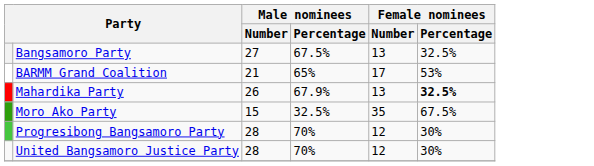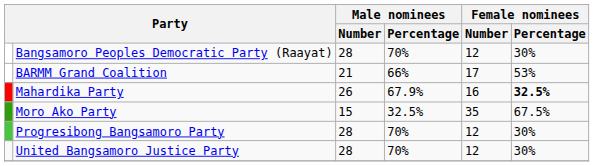 <table class="wikitable left sortable" border="1">
 <tr>
 <th rowspan=2 colspan="2">Party</th>
 <th colspan="2" class="unsortable">Male nominees</th>
 <th colspan="2" class="unsortable">Female nominees</th>
 </tr>
 <tr>
 <th>Number</th>
 <th>Percentage</th>
 <th>Number</th>
 <th>Percentage</th>
 </tr>
 <tr>
-<th style="background:"></th>
-<td><a href='#'>Bangsamoro Party</a></td>
-<td>27</td>
-<td>67.5%</td>
-<td>13</td>
-<td>32.5%</td>
+<th style="background:#FFFFFF;"></th>
+<td><a href='#'>Bangsamoro Peoples Democratic Party</a> (Raayat)</td>
+<td>28</td>
+<td>70%</td>
+<td>12</td>
+<td>30%</td>
 </tr>
 <tr>
 <td bgcolor="#FFFFFF"></td>
 <td><a href='#'>BARMM Grand Coalition</a></td>
 <td>21</td>
-<td>65%</td>
+<td>66%</td>
 <td>17</td>
 <td>53%</td>
 </tr>
 <tr>
 <th style="background:red;"></th>
 <td><a href='#'>Mahardika Party</a></td>
 <td>26</td>
 <td>67.9%</td>
-<td>13</td>
+<td>16</td>
 <td><strong>32.5%</strong></td>
 </tr>
 <tr>
 <td width=3px bgcolor="#2F9E0B"></td>
 <td><a href='#'>Moro Ako Party</a></td>
 <td>15</td>
 <td>32.5%</td>
 <td>35</td>
 <td>67.5%</td>
 </tr>
 <tr>
 <td bgcolor="#46C63F"></td>
 <td><a href='#'>Progresibong Bangsamoro Party</a></td>
 <td>28</td>
 <td>70%</td>
 <td>12</td>
 <td>30%</td>
 </tr>
 <tr>
 <td></td>
 <td><a href='#'>United Bangsamoro Justice Party</a></td>
 <td>28</td>
 <td>70%</td>
 <td>12</td>
 <td>30%</td>
 </tr>
 <tr>
 </tr>
 </table>
